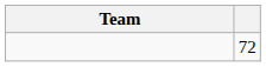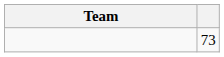 <table class="wikitable">
 <tr>
 <th style="width: 200px;">Team</th>
 <th></th>
 </tr>
 <tr>
 <td><strong></strong></td>
-<td style="text-align: center;">72</td>
+<td style="text-align: center;">73</td>
 </tr>
 </table>
